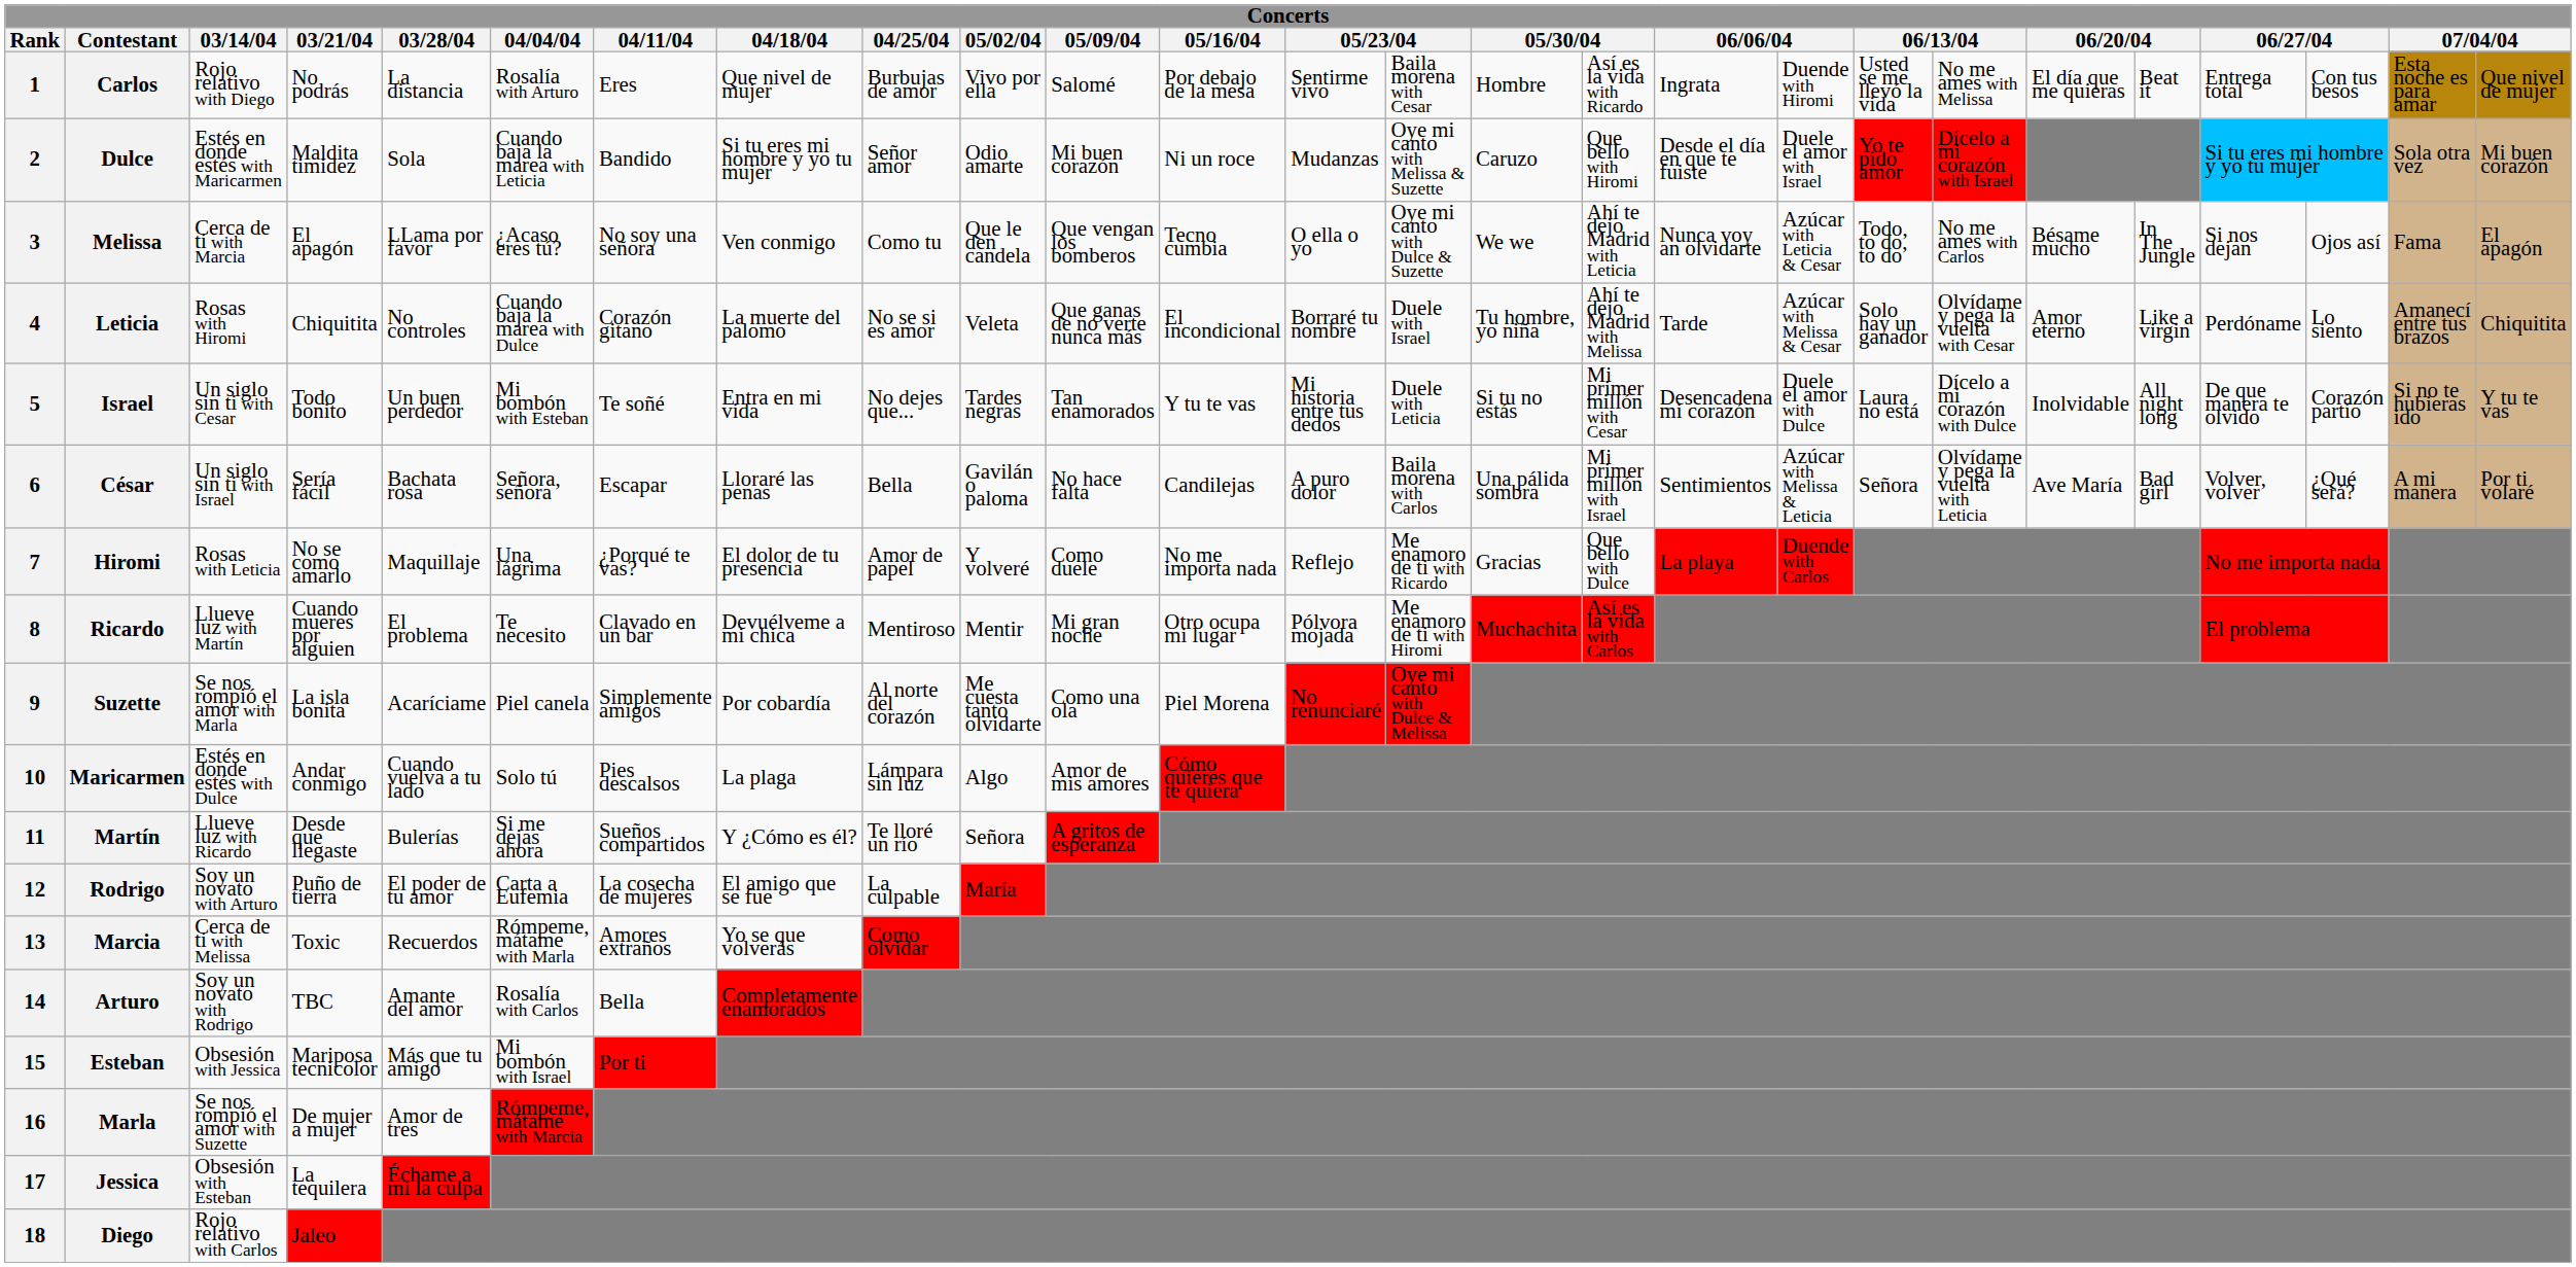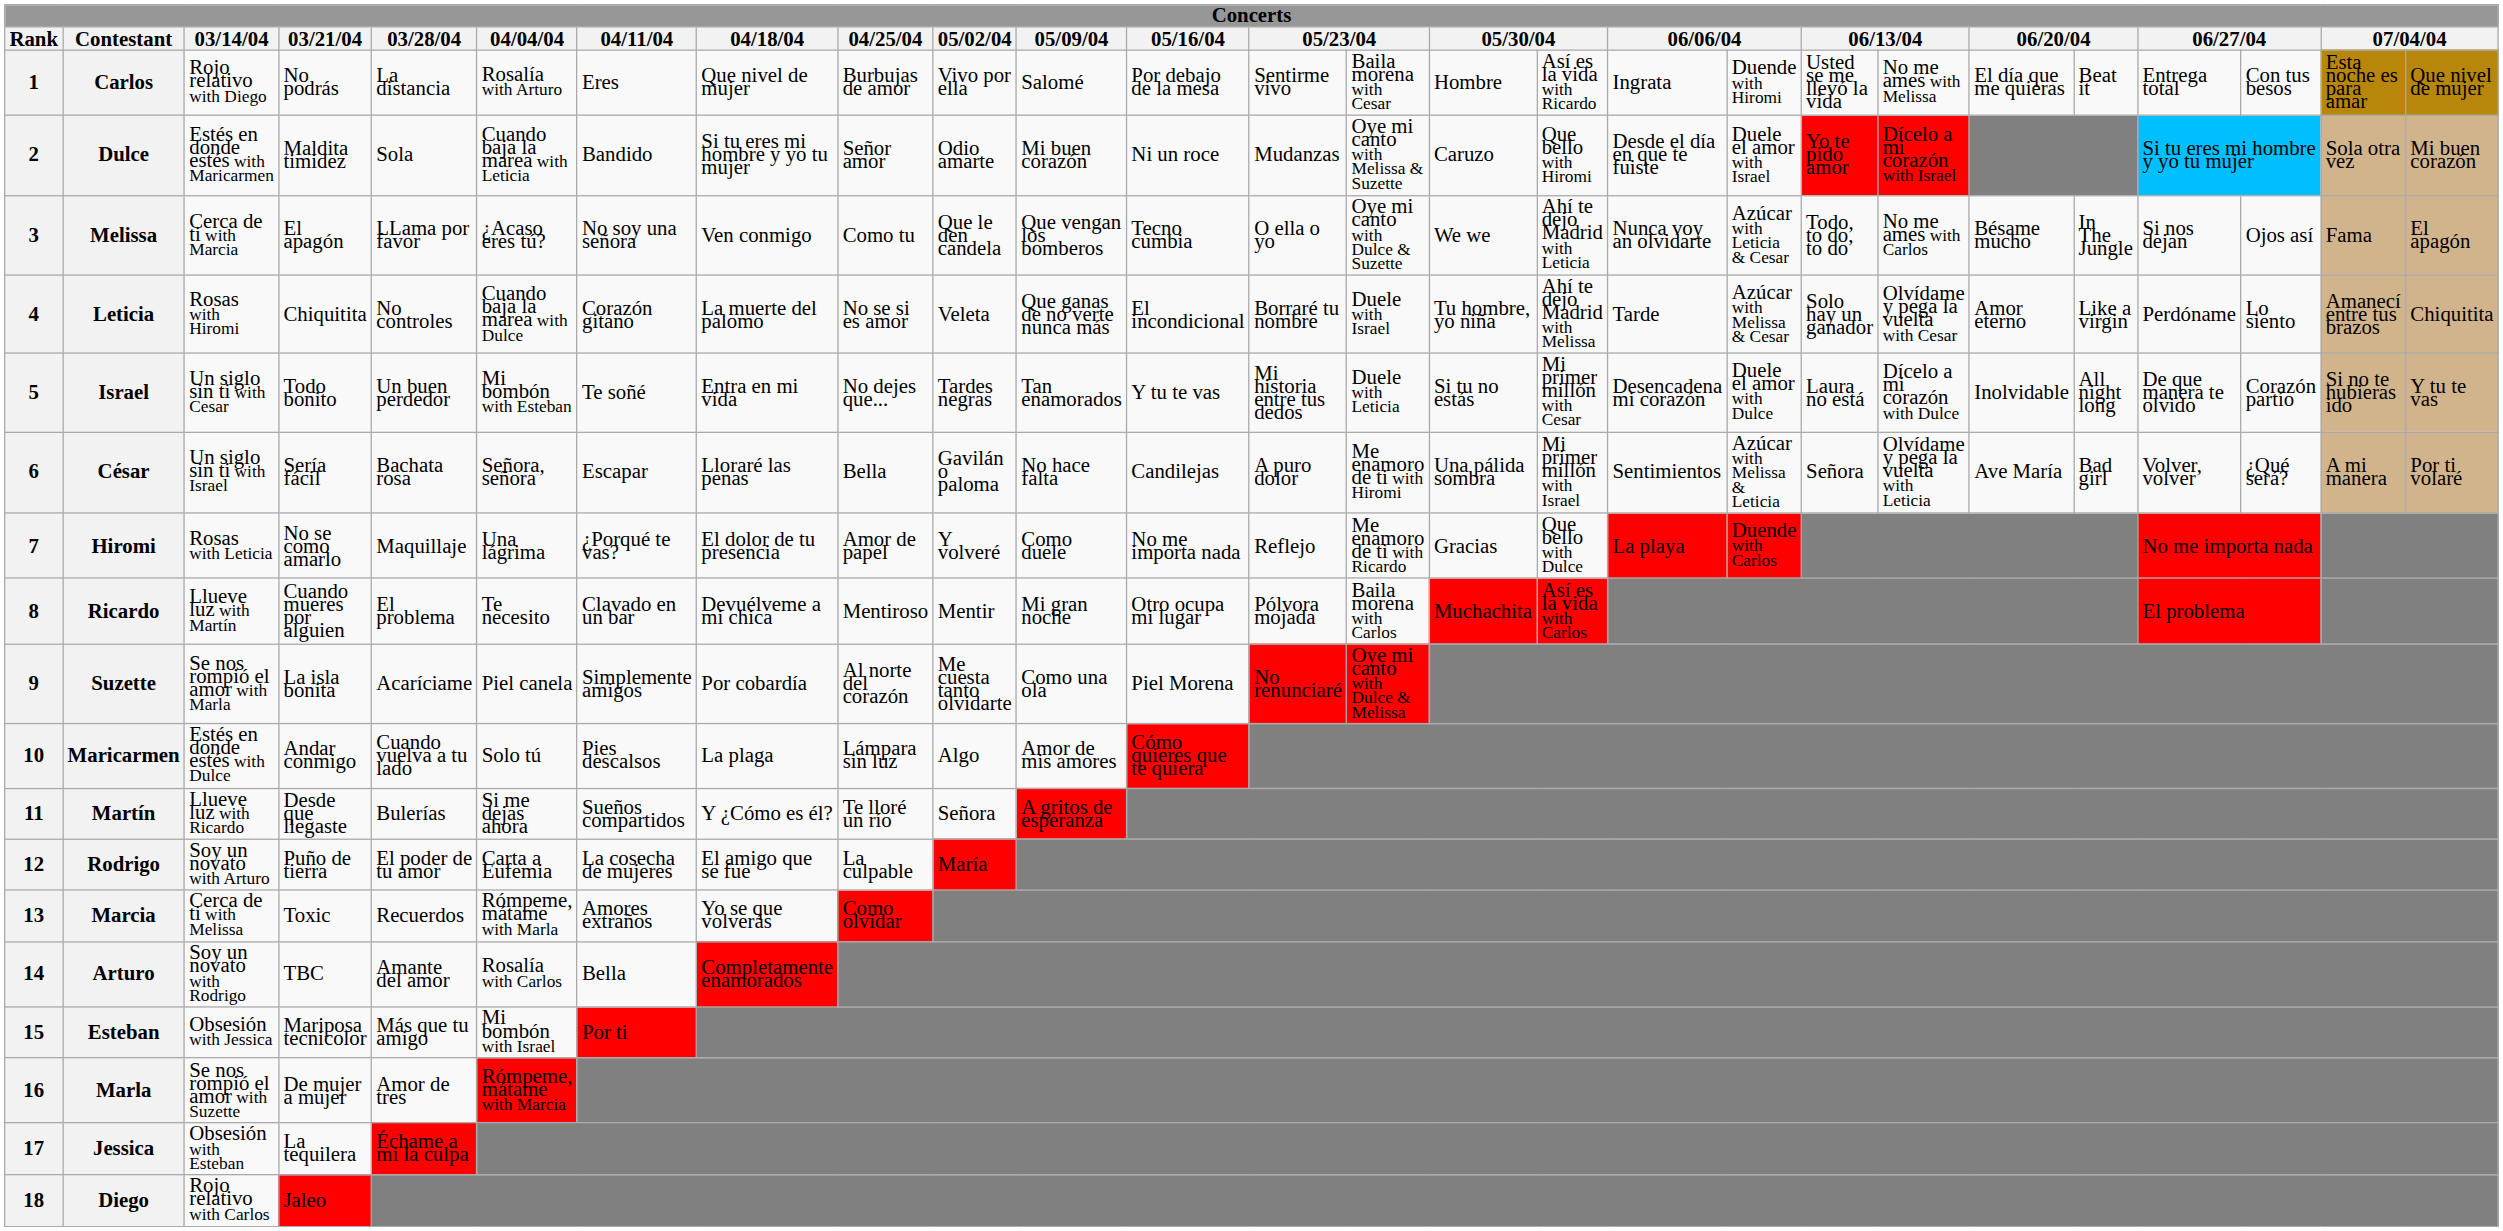 <table class="wikitable collapsible collapsed" style="text-align:left; line-height:10px; line-width:12px;">
 <tr>
 <th colspan="31" style="background:#979797;">Concerts</th>
 </tr>
 <tr>
 <th>Rank</th>
 <th>Contestant</th>
 <th>03/14/04</th>
 <th>03/21/04</th>
 <th>03/28/04</th>
 <th>04/04/04</th>
 <th>04/11/04</th>
 <th>04/18/04</th>
 <th>04/25/04</th>
 <th>05/02/04</th>
 <th>05/09/04</th>
 <th>05/16/04</th>
 <th colspan="2">05/23/04</th>
 <th colspan="2">05/30/04</th>
 <th colspan="2">06/06/04</th>
 <th colspan="2">06/13/04</th>
 <th colspan="2">06/20/04</th>
 <th colspan="2">06/27/04</th>
 <th colspan="2">07/04/04</th>
 </tr>
 <tr>
 <th>1</th>
 <th>Carlos</th>
 <td>Rojo relativo<small> with Diego</small></td>
 <td>No podrás</td>
 <td>La distancia</td>
 <td>Rosalía<small> with Arturo</small></td>
 <td>Eres</td>
 <td>Que nivel de mujer</td>
 <td>Burbujas de amor</td>
 <td>Vivo por ella</td>
 <td>Salomé</td>
 <td>Por debajo de la mesa</td>
 <td>Sentirme vivo</td>
 <td>Baila morena<small> with Cesar</small></td>
 <td>Hombre</td>
 <td>Así es la vida<small> with Ricardo</small></td>
 <td>Ingrata</td>
 <td>Duende<small> with Hiromi</small></td>
 <td>Usted se me llevó la vida</td>
 <td>No me ames<small> with Melissa</small></td>
 <td>El día que me quieras</td>
 <td>Beat it</td>
 <td>Entrega total</td>
 <td>Con tus besos</td>
 <td style="background:DarkGoldenrod;">Esta noche es para amar</td>
 <td style="background:DarkGoldenrod;">Que nivel de mujer</td>
 </tr>
 <tr>
 <th>2</th>
 <th>Dulce</th>
 <td>Estés en donde estés<small> with Maricarmen</small></td>
 <td>Maldita timidez</td>
 <td>Sola</td>
 <td>Cuando baja la marea<small> with Leticia</small></td>
 <td>Bandido</td>
 <td>Si tu eres mi hombre y yo tu mujer</td>
 <td>Señor amor</td>
 <td>Odio amarte</td>
 <td>Mi buen corazón</td>
 <td>Ni un roce</td>
 <td>Mudanzas</td>
 <td>Oye mi canto<small> with Melissa & Suzette</small></td>
 <td>Caruzo</td>
 <td>Que bello<small> with Hiromi</small></td>
 <td>Desde el día en que te fuiste</td>
 <td>Duele el amor<small> with Israel</small></td>
 <td style="background:red;">Yo te pido amor</td>
 <td style="background:red;">Dícelo a mi corazón<small> with Israel</small></td>
 <td style="background:gray;" colspan="2"></td>
 <td style="background:DeepSkyBlue;" colspan="2">Si tu eres mi hombre y yo tu mujer</td>
 <td style="background:Tan;">Sola otra vez</td>
 <td style="background:Tan;">Mi buen corazón</td>
 </tr>
 <tr>
 <th>3</th>
 <th>Melissa</th>
 <td>Cerca de ti<small> with Marcia</small></td>
 <td>El apagón</td>
 <td>LLama por favor</td>
 <td>¿Acaso eres tú?</td>
 <td>No soy una señora</td>
 <td>Ven conmigo</td>
 <td>Como tu</td>
 <td>Que le den candela</td>
 <td>Que vengan los bomberos</td>
 <td>Tecno cumbia</td>
 <td>O ella o yo</td>
 <td>Oye mi canto<small> with Dulce & Suzette</small></td>
 <td>We we</td>
 <td>Ahí te dejo Madrid<small> with Leticia</small></td>
 <td>Nunca voy an olvidarte</td>
 <td>Azúcar<small> with Leticia & Cesar</small></td>
 <td>Todo, to do, to do</td>
 <td>No me ames<small> with Carlos</small></td>
 <td>Bésame mucho</td>
 <td>In The Jungle</td>
 <td>Si nos dejan</td>
 <td>Ojos así</td>
 <td style="background:Tan;">Fama</td>
 <td style="background:Tan;">El apagón</td>
 </tr>
 <tr>
 <th>4</th>
 <th>Leticia</th>
 <td>Rosas<small> with Hiromi</small></td>
 <td>Chiquitita</td>
 <td>No controles</td>
 <td>Cuando baja la marea<small> with Dulce</small></td>
 <td>Corazón gitano</td>
 <td>La muerte del palomo</td>
 <td>No se si es amor</td>
 <td>Veleta</td>
 <td>Que ganas de no verte nunca más</td>
 <td>El incondicional</td>
 <td>Borraré tu nombre</td>
 <td>Duele<small> with Israel</small></td>
 <td>Tu hombre, yo niña</td>
 <td>Ahí te dejo Madrid<small> with Melissa</small></td>
 <td>Tarde</td>
 <td>Azúcar<small> with Melissa & Cesar</small></td>
 <td>Solo hay un ganador</td>
 <td>Olvídame y pega la vuelta<small> with Cesar</small></td>
 <td>Amor eterno</td>
 <td>Like a virgin</td>
 <td>Perdóname</td>
 <td>Lo siento</td>
 <td style="background:Tan;">Amanecí entre tus brazos</td>
 <td style="background:Tan;">Chiquitita</td>
 </tr>
 <tr>
 <th>5</th>
 <th>Israel</th>
 <td>Un siglo sin ti<small> with Cesar</small></td>
 <td>Todo bonito</td>
 <td>Un buen perdedor</td>
 <td>Mi bombón<small> with Esteban</small></td>
 <td>Te soñé</td>
 <td>Entra en mi vida</td>
 <td>No dejes que...</td>
 <td>Tardes negras</td>
 <td>Tan enamorados</td>
 <td>Y tu te vas</td>
 <td>Mi historia entre tus dedos</td>
 <td>Duele<small> with Leticia</small></td>
 <td>Si tu no estás</td>
 <td>Mi primer millón<small> with Cesar</small></td>
 <td>Desencadena mi corazón</td>
 <td>Duele el amor<small> with Dulce</small></td>
 <td>Laura no está</td>
 <td>Dícelo a mi corazón<small> with Dulce</small></td>
 <td>Inolvidable</td>
 <td>All night long</td>
 <td>De que manera te olvido</td>
 <td>Corazón partío</td>
 <td style="background:Tan;">Si no te hubieras ido</td>
 <td style="background:Tan;">Y tu te vas</td>
 </tr>
 <tr>
 <th>6</th>
 <th>César</th>
 <td>Un siglo sin ti<small> with Israel</small></td>
 <td>Sería fácil</td>
 <td>Bachata rosa</td>
 <td>Señora, señora</td>
 <td>Escapar</td>
 <td>Lloraré las penas</td>
 <td>Bella</td>
 <td>Gavilán o paloma</td>
 <td>No hace falta</td>
 <td>Candilejas</td>
 <td>A puro dolor</td>
-<td>Baila morena<small> with Carlos</small></td>
+<td>Me enamoro de ti<small> with Hiromi</small></td>
 <td>Una pálida sombra</td>
 <td>Mi primer millón<small> with Israel</small></td>
 <td>Sentimientos</td>
 <td>Azúcar<small> with Melissa & Leticia</small></td>
 <td>Señora</td>
 <td>Olvídame y pega la vuelta<small> with Leticia</small></td>
 <td>Ave María</td>
 <td>Bad girl</td>
 <td>Volver, volver</td>
 <td>¿Qué será?</td>
 <td style="background:Tan;">A mi manera</td>
 <td style="background:Tan;">Por ti volaré</td>
 </tr>
 <tr>
 <th>7</th>
 <th>Hiromi</th>
 <td>Rosas<small> with Leticia</small></td>
 <td>No se como amarlo</td>
 <td>Maquillaje</td>
 <td>Una lágrima</td>
 <td>¿Porqué te vas?</td>
 <td>El dolor de tu presencia</td>
 <td>Amor de papel</td>
 <td>Y volveré</td>
 <td>Como duele</td>
 <td>No me importa nada</td>
 <td>Reflejo</td>
 <td>Me enamoro de ti<small> with Ricardo</small></td>
 <td>Gracias</td>
 <td>Que bello<small> with Dulce</small></td>
 <td style="background:red;">La playa</td>
 <td style="background:red;">Duende<small> with Carlos</small></td>
 <td style="background:gray;" colspan="4"></td>
 <td style="background:red;" colspan="2">No me importa nada</td>
 <td style="background:gray;" colspan="2"></td>
 </tr>
 <tr>
 <th>8</th>
 <th>Ricardo</th>
 <td>Llueve luz<small> with Martín</small></td>
 <td>Cuando mueres por alguien</td>
 <td>El problema</td>
 <td>Te necesito</td>
 <td>Clavado en un bar</td>
 <td>Devuélveme a mi chica</td>
 <td>Mentiroso</td>
 <td>Mentir</td>
 <td>Mi gran noche</td>
 <td>Otro ocupa mi lugar</td>
 <td>Pólvora mojada</td>
-<td>Me enamoro de ti<small> with Hiromi</small></td>
+<td>Baila morena<small> with Carlos</small></td>
 <td style="background:red;">Muchachita</td>
 <td style="background:red;">Así es la vida<small> with Carlos</small></td>
 <td style="background:gray;" colspan="6"></td>
 <td style="background:red;" colspan="2">El problema</td>
 <td style="background:gray;" colspan="2"></td>
 </tr>
 <tr>
 <th>9</th>
 <th>Suzette</th>
 <td>Se nos rompió el amor<small> with Marla</small></td>
 <td>La isla bonita</td>
 <td>Acaríciame</td>
 <td>Piel canela</td>
 <td>Simplemente amigos</td>
 <td>Por cobardía</td>
 <td>Al norte del corazón</td>
 <td>Me cuesta tanto olvidarte</td>
 <td>Como una ola</td>
 <td>Piel Morena</td>
 <td style="background:red;">No renunciaré</td>
 <td style="background:red;">Oye mi canto<small> with Dulce & Melissa</small></td>
 <td style="background:gray;" colspan="12"></td>
 </tr>
 <tr>
 <th>10</th>
 <th>Maricarmen</th>
 <td>Estés en donde estés<small> with Dulce</small></td>
 <td>Andar conmigo</td>
 <td>Cuando vuelva a tu lado</td>
 <td>Solo tú</td>
 <td>Pies descalsos</td>
 <td>La plaga</td>
 <td>Lámpara sin luz</td>
 <td>Algo</td>
 <td>Amor de mis amores</td>
 <td style="background:red;">Cómo quieres que te quiera</td>
 <td style="background:gray;" colspan="14"></td>
 </tr>
 <tr>
 <th>11</th>
 <th>Martín</th>
 <td>Llueve luz<small> with Ricardo</small></td>
 <td>Desde que llegaste</td>
 <td>Bulerías</td>
 <td>Si me dejas ahora</td>
 <td>Sueños compartidos</td>
 <td>Y ¿Cómo es él?</td>
 <td>Te lloré un río</td>
 <td>Señora</td>
 <td style="background:red;">A gritos de esperanza</td>
 <td style="background:gray;" colspan="15"></td>
 </tr>
 <tr>
 <th>12</th>
 <th>Rodrigo</th>
 <td>Soy un novato<small> with Arturo</small></td>
 <td>Puño de tierra</td>
 <td>El poder de tu amor</td>
 <td>Carta a Eufemia</td>
 <td>La cosecha de mujeres</td>
 <td>El amigo que se fue</td>
 <td>La culpable</td>
 <td style="background:red;">María</td>
 <td style="background:gray;" colspan="16"></td>
 </tr>
 <tr>
 <th>13</th>
 <th>Marcia</th>
 <td>Cerca de ti<small> with Melissa</small></td>
 <td>Toxic</td>
 <td>Recuerdos</td>
 <td>Rómpeme, mátame<small> with Marla</small></td>
 <td>Amores extraños</td>
 <td>Yo se que volverás</td>
 <td style="background:red;">Como olvidar</td>
 <td style="background:gray;" colspan="17"></td>
 </tr>
 <tr>
 <th>14</th>
 <th>Arturo</th>
 <td>Soy un novato<small> with Rodrigo</small></td>
 <td>TBC</td>
 <td>Amante del amor</td>
 <td>Rosalía<small> with Carlos</small></td>
 <td>Bella</td>
 <td style="background:red;">Completamente enamorados</td>
 <td style="background:gray;" colspan="18"></td>
 </tr>
 <tr>
 <th>15</th>
 <th>Esteban</th>
 <td>Obsesión<small> with Jessica</small></td>
 <td>Mariposa tecnicolor</td>
 <td>Más que tu amigo</td>
 <td>Mi bombón<small> with Israel</small></td>
 <td style="background:red;">Por ti</td>
 <td style="background:gray;" colspan="19"></td>
 </tr>
 <tr>
 <th>16</th>
 <th>Marla</th>
 <td>Se nos rompió el amor<small> with Suzette</small></td>
 <td>De mujer a mujer</td>
 <td>Amor de tres</td>
 <td style="background:red;">Rómpeme, mátame<small> with Marcia</small></td>
 <td style="background:gray;" colspan="20"></td>
 </tr>
 <tr>
 <th>17</th>
 <th>Jessica</th>
 <td>Obsesión<small> with Esteban</small></td>
 <td>La tequilera</td>
 <td style="background:red;">Échame a mi la culpa</td>
 <td style="background:gray;" colspan="21"></td>
 </tr>
 <tr>
 <th>18</th>
 <th>Diego</th>
 <td>Rojo relativo<small> with Carlos</small></td>
 <td style="background:red;">Jaleo</td>
 <td style="background:gray;" colspan="22"></td>
 </tr>
 </table>
